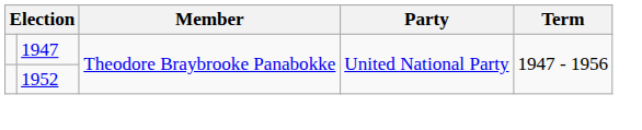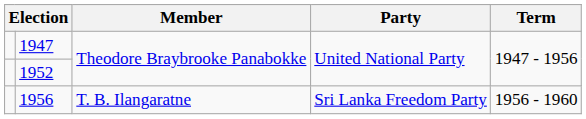 <table class="wikitable">
 <tr>
 <th colspan="2">Election</th>
 <th>Member</th>
 <th>Party</th>
 <th>Term</th>
 </tr>
 <tr>
 <td style="background-color: "></td>
 <td><a href='#'>1947</a></td>
 <td rowspan=2><a href='#'>Theodore Braybrooke Panabokke</a></td>
 <td rowspan=2><a href='#'>United National Party</a></td>
 <td rowspan=2>1947 - 1956</td>
 </tr>
 <tr>
 <td style="background-color: "></td>
 <td><a href='#'>1952</a></td>
 </tr>
+<tr>
+<td style="background-color: "></td>
+<td><a href='#'>1956</a></td>
+<td><a href='#'>T. B. Ilangaratne</a></td>
+<td><a href='#'>Sri Lanka Freedom Party</a></td>
+<td>1956 - 1960</td>
+</tr>
 </table>
